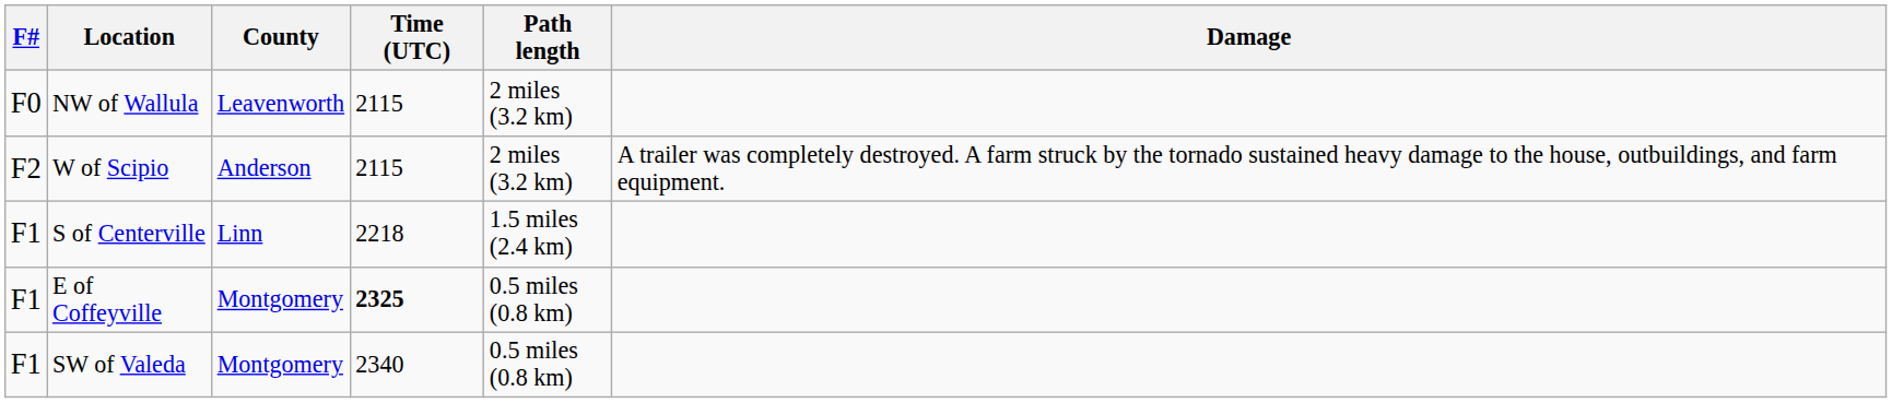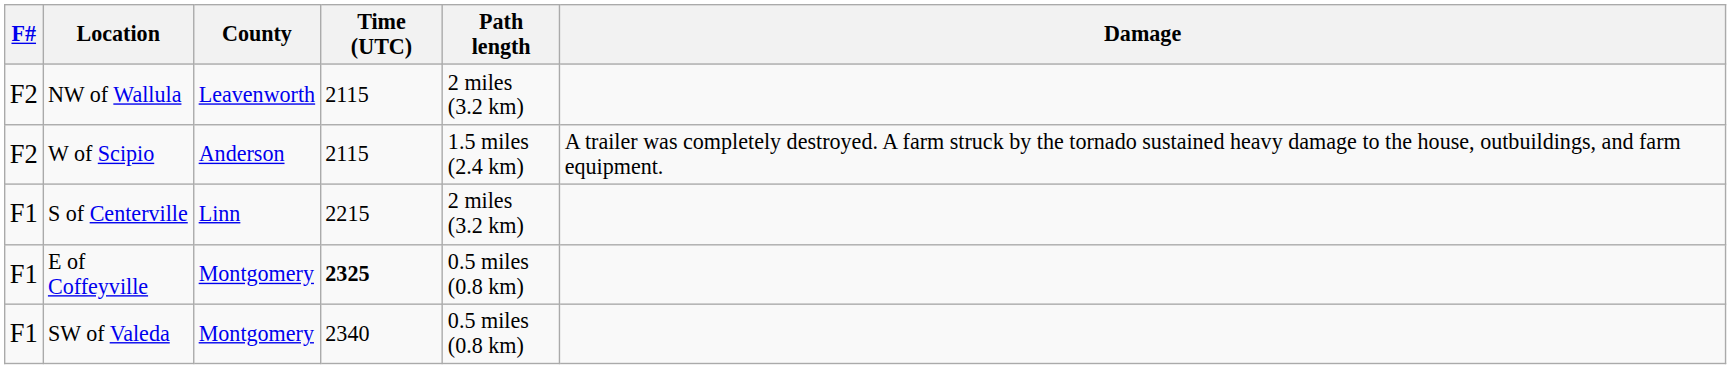 <table class="wikitable">
 <tr>
 <th scope="col"><strong><a href='#'>F#</a></strong></th>
 <th scope="col"><strong>Location</strong></th>
 <th scope="col"><strong>County</strong></th>
 <th scope="col"><strong>Time (UTC)</strong></th>
 <th scope="col"><strong>Path length</strong></th>
 <th scope="col"><strong>Damage</strong></th>
 </tr>
 <tr>
-<td><big>F0</big></td>
+<td><big>F2</big></td>
 <td>NW of <a href='#'>Wallula</a></td>
 <td><a href='#'>Leavenworth</a></td>
 <td>2115</td>
 <td>2 miles <br>(3.2 km)</td>
 <td></td>
 </tr>
 <tr>
 <td><big>F2</big></td>
 <td>W of <a href='#'>Scipio</a></td>
 <td><a href='#'>Anderson</a></td>
 <td>2115</td>
-<td>2 miles <br>(3.2 km)</td>
+<td>1.5 miles <br>(2.4 km)</td>
 <td>A trailer was completely destroyed. A farm struck by the tornado sustained heavy damage to the house, outbuildings, and farm equipment.</td>
 </tr>
 <tr>
 <td><big>F1</big></td>
 <td>S of <a href='#'>Centerville</a></td>
 <td><a href='#'>Linn</a></td>
-<td>2218</td>
-<td>1.5 miles <br>(2.4 km)</td>
+<td>2215</td>
+<td>2 miles <br>(3.2 km)</td>
 <td></td>
 </tr>
 <tr>
 <td><big>F1</big></td>
 <td>E of <a href='#'>Coffeyville</a></td>
 <td><a href='#'>Montgomery</a></td>
 <td><strong>2325</strong></td>
 <td>0.5 miles <br>(0.8 km)</td>
 <td></td>
 </tr>
 <tr>
 <td><big>F1</big></td>
 <td>SW of <a href='#'>Valeda</a></td>
 <td><a href='#'>Montgomery</a></td>
 <td>2340</td>
 <td>0.5 miles <br>(0.8 km)</td>
 </tr>
 </table>
